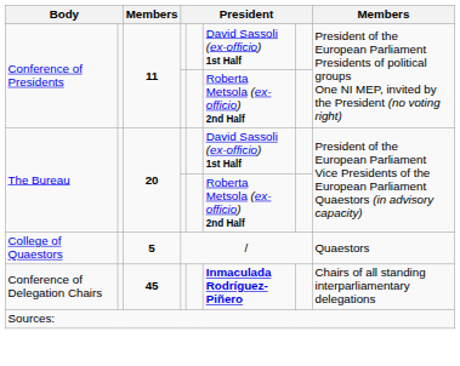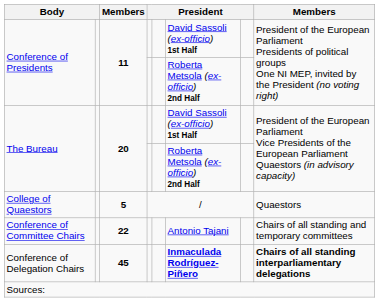 <table class="wikitable">
 <tr>
 <th colspan=2>Body</th>
 <th>Members</th>
 <th colspan=4>President</th>
 <th>Members</th>
 </tr>
 <tr>
 <td rowspan=2><a href='#'>Conference of Presidents</a></td>
 <td rowspan=2 align="center"><strong></strong></td>
 <td rowspan=2 align="center"><strong>11</strong></td>
 <td style="background-color:"></td>
 <td><strong></strong></td>
 <td><a href='#'>David Sassoli</a> <em>(<a href='#'>ex-officio</a>)</em><br><small><strong>1st Half</strong></small></td>
 <td></td>
 <td rowspan=2>President of the European Parliament<br>Presidents of political groups<br>One NI MEP, invited by the President <em>(no voting right)</em></td>
 </tr>
 <tr>
 <td style="background-color:"></td>
 <td><strong></strong></td>
 <td><a href='#'>Roberta Metsola</a> <em>(<a href='#'>ex-officio</a>)</em><br><small><strong>2nd Half</strong></small></td>
 <td></td>
 </tr>
 <tr>
 <td rowspan=2 style="width:280px;"><a href='#'>The Bureau</a></td>
 <td rowspan=2 align="center"><strong></strong></td>
 <td rowspan=2 align="center"><strong>20</strong></td>
 <td style="background-color:"></td>
 <td><strong></strong></td>
 <td><a href='#'>David Sassoli</a> <em>(<a href='#'>ex-officio</a>)</em><br><small><strong>1st Half</strong></small></td>
 <td></td>
 <td rowspan=2 style="width:310px;">President of the European Parliament<br>Vice Presidents of the European Parliament<br>Quaestors <em>(in advisory capacity)</em></td>
 </tr>
 <tr>
 <td style="width:1px; background-color:"></td>
 <td style="width:50px;"><strong></strong></td>
 <td style="width:180px;"><a href='#'>Roberta Metsola</a> <em>(<a href='#'>ex-officio</a>)</em><br><small><strong>2nd Half</strong></small></td>
 <td style="width:50px;"></td>
 </tr>
 <tr>
 <td><a href='#'>College of Quaestors</a></td>
 <td align="center"><strong></strong></td>
 <td align="center"><strong>5</strong></td>
 <td colspan="4" align="center">/</td>
 <td>Quaestors</td>
 </tr>
 <tr>
+<td><a href='#'>Conference of Committee Chairs</a></td>
+<td align="center"><strong></strong></td>
+<td align="center"><strong>22</strong></td>
+<td style="width:1px; background-color:"></td>
+<td style="width:50px;"><strong></strong></td>
+<td style="width:180px;"><a href='#'>Antonio Tajani</a></td>
+<td style="width:50px;"></td>
+<td>Chairs of all standing and temporary committees</td>
+</tr>
+<tr>
 <td>Conference of Delegation Chairs</td>
 <td align="center"><strong></strong></td>
 <td align="center"><strong>45</strong></td>
 <td style="width:1px;" style="background-color:"></td>
 <td><strong></strong></td>
 <td><strong><a href='#'>Inmaculada Rodríguez-Piñero</a></strong></td>
 <td style="width:50px;"></td>
-<td>Chairs of all standing interparliamentary delegations</td>
+<td><strong>Chairs of all standing interparliamentary delegations</strong></td>
 </tr>
 <tr>
 <td colspan=8>Sources:</td>
 </tr>
 </table>
